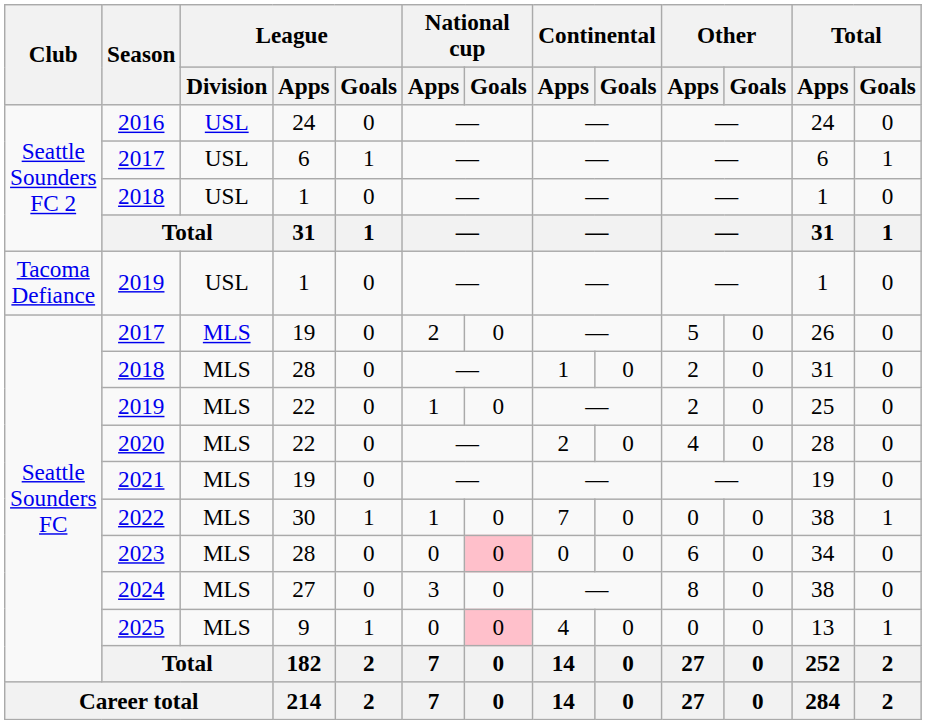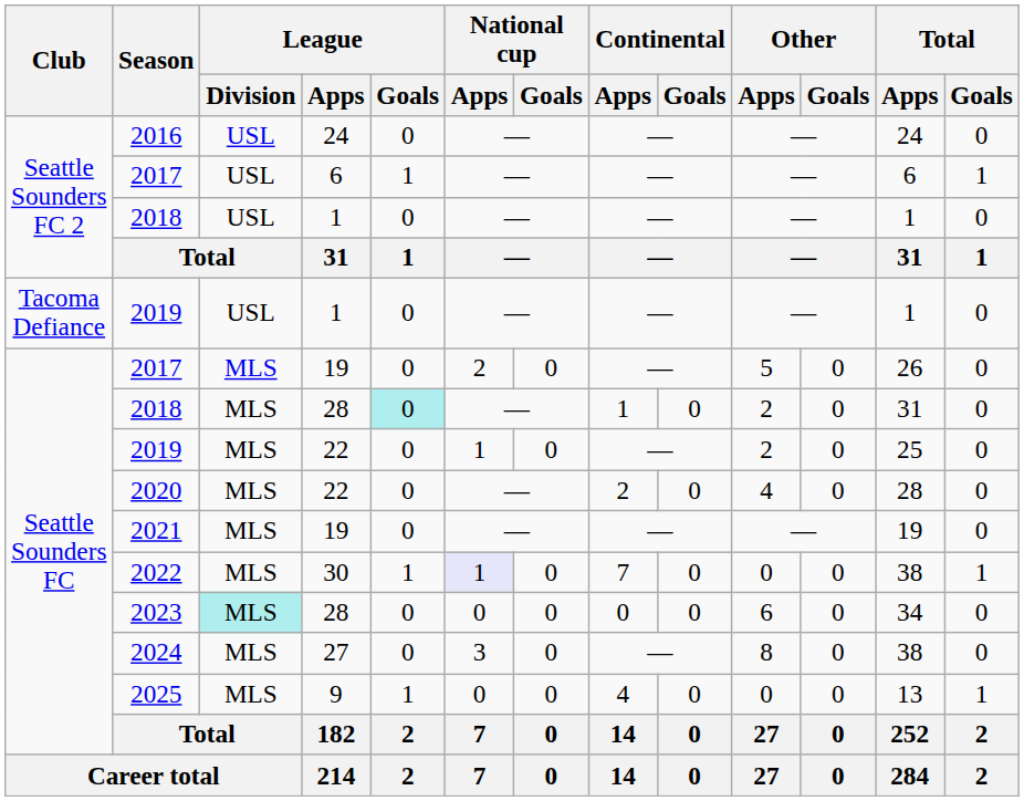 <table class="wikitable" style="text-align:center">
 <tr>
 <th rowspan="2">Club</th>
 <th rowspan="2">Season</th>
 <th colspan="3">League</th>
 <th colspan="2">National cup</th>
 <th colspan="2">Continental</th>
 <th colspan="2">Other</th>
 <th colspan="2">Total</th>
 </tr>
 <tr>
 <th>Division</th>
 <th>Apps</th>
 <th>Goals</th>
 <th>Apps</th>
 <th>Goals</th>
 <th>Apps</th>
 <th>Goals</th>
 <th>Apps</th>
 <th>Goals</th>
 <th>Apps</th>
 <th>Goals</th>
 </tr>
 <tr>
 <td rowspan="4"><a href='#'>Seattle Sounders FC 2</a></td>
 <td><a href='#'>2016</a></td>
 <td><a href='#'>USL</a></td>
 <td>24</td>
 <td>0</td>
 <td colspan="2">—</td>
 <td colspan="2">—</td>
 <td colspan="2">—</td>
 <td>24</td>
 <td>0</td>
 </tr>
 <tr>
 <td><a href='#'>2017</a></td>
 <td>USL</td>
 <td>6</td>
 <td>1</td>
 <td colspan="2">—</td>
 <td colspan="2">—</td>
 <td colspan="2">—</td>
 <td>6</td>
 <td>1</td>
 </tr>
 <tr>
 <td><a href='#'>2018</a></td>
 <td>USL</td>
 <td>1</td>
 <td>0</td>
 <td colspan="2">—</td>
 <td colspan="2">—</td>
 <td colspan="2">—</td>
 <td>1</td>
 <td>0</td>
 </tr>
 <tr>
 <th colspan="2">Total</th>
 <th>31</th>
 <th>1</th>
 <th colspan="2">—</th>
 <th colspan="2">—</th>
 <th colspan="2">—</th>
 <th>31</th>
 <th>1</th>
 </tr>
 <tr>
 <td><a href='#'>Tacoma Defiance</a></td>
 <td><a href='#'>2019</a></td>
 <td>USL</td>
 <td>1</td>
 <td>0</td>
 <td colspan="2">—</td>
 <td colspan="2">—</td>
 <td colspan="2">—</td>
 <td>1</td>
 <td>0</td>
 </tr>
 <tr>
 <td rowspan="10"><a href='#'>Seattle Sounders FC</a></td>
 <td><a href='#'>2017</a></td>
 <td><a href='#'>MLS</a></td>
 <td>19</td>
 <td>0</td>
 <td>2</td>
 <td>0</td>
 <td colspan="2">—</td>
 <td>5</td>
 <td>0</td>
 <td>26</td>
 <td>0</td>
 </tr>
 <tr>
 <td><a href='#'>2018</a></td>
 <td>MLS</td>
 <td>28</td>
-<td>0</td>
+<td style="background: paleturquoise;">0</td>
 <td colspan="2">—</td>
 <td>1</td>
 <td>0</td>
 <td>2</td>
 <td>0</td>
 <td>31</td>
 <td>0</td>
 </tr>
 <tr>
 <td><a href='#'>2019</a></td>
 <td>MLS</td>
 <td>22</td>
 <td>0</td>
 <td>1</td>
 <td>0</td>
 <td colspan="2">—</td>
 <td>2</td>
 <td>0</td>
 <td>25</td>
 <td>0</td>
 </tr>
 <tr>
 <td><a href='#'>2020</a></td>
 <td>MLS</td>
 <td>22</td>
 <td>0</td>
 <td colspan="2">—</td>
 <td>2</td>
 <td>0</td>
 <td>4</td>
 <td>0</td>
 <td>28</td>
 <td>0</td>
 </tr>
 <tr>
 <td><a href='#'>2021</a></td>
 <td>MLS</td>
 <td>19</td>
 <td>0</td>
 <td colspan="2">—</td>
 <td colspan="2">—</td>
 <td colspan="2">—</td>
 <td>19</td>
 <td>0</td>
 </tr>
 <tr>
 <td><a href='#'>2022</a></td>
 <td>MLS</td>
 <td>30</td>
 <td>1</td>
-<td>1</td>
+<td style="background: lavender;">1</td>
 <td>0</td>
 <td>7</td>
 <td>0</td>
 <td>0</td>
 <td>0</td>
 <td>38</td>
 <td>1</td>
 </tr>
 <tr>
 <td><a href='#'>2023</a></td>
-<td>MLS</td>
+<td style="background: paleturquoise;">MLS</td>
 <td>28</td>
 <td>0</td>
 <td>0</td>
-<td style="background: pink;">0</td>
+<td>0</td>
 <td>0</td>
 <td>0</td>
 <td>6</td>
 <td>0</td>
 <td>34</td>
 <td>0</td>
 </tr>
 <tr>
 <td><a href='#'>2024</a></td>
 <td>MLS</td>
 <td>27</td>
 <td>0</td>
 <td>3</td>
 <td>0</td>
 <td colspan="2">—</td>
 <td>8</td>
 <td>0</td>
 <td>38</td>
 <td>0</td>
 </tr>
 <tr>
 <td><a href='#'>2025</a></td>
 <td>MLS</td>
 <td>9</td>
 <td>1</td>
 <td>0</td>
-<td style="background: pink;">0</td>
+<td>0</td>
 <td>4</td>
 <td>0</td>
 <td>0</td>
 <td>0</td>
 <td>13</td>
 <td>1</td>
 </tr>
 <tr>
 <th colspan="2">Total</th>
 <th>182</th>
 <th>2</th>
 <th>7</th>
 <th>0</th>
 <th>14</th>
 <th>0</th>
 <th>27</th>
 <th>0</th>
 <th>252</th>
 <th>2</th>
 </tr>
 <tr>
 <th colspan="3">Career total</th>
 <th>214</th>
 <th>2</th>
 <th>7</th>
 <th>0</th>
 <th>14</th>
 <th>0</th>
 <th>27</th>
 <th>0</th>
 <th>284</th>
 <th>2</th>
 </tr>
 </table>
